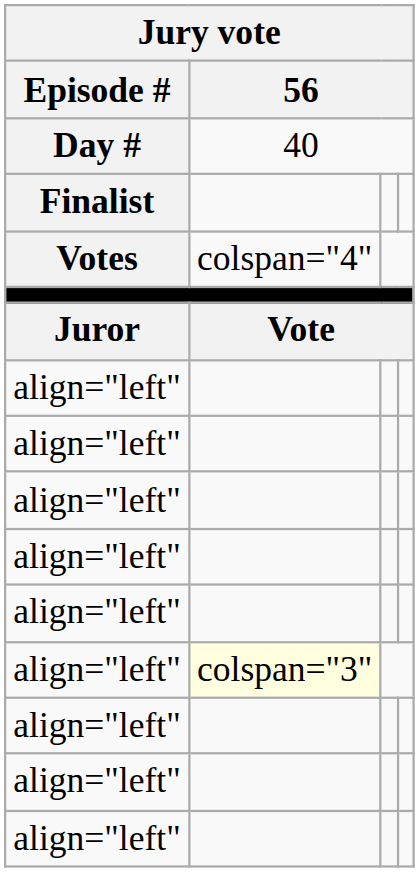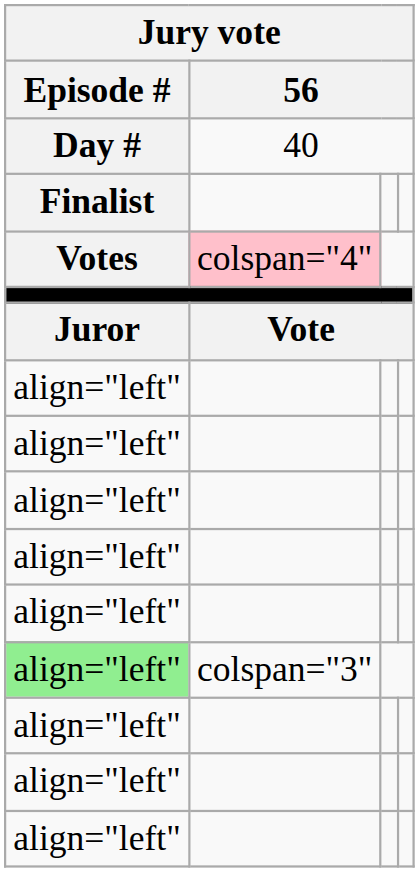 <table class="wikitable nowrap" style="text-align:center; font-size:100%">
 <tr>
 <th colspan="5">Jury vote</th>
 </tr>
 <tr>
 <th>Episode #</th>
 <th colspan="3">56</th>
 </tr>
 <tr>
 <th>Day #</th>
 <td colspan="3">40</td>
 </tr>
 <tr>
 <th>Finalist</th>
 <td></td>
 <td></td>
 <td></td>
 </tr>
 <tr>
 <th>Votes</th>
-<td>colspan="4" </td>
+<td style="background: pink;">colspan="4" </td>
 </tr>
 <tr>
 <th colspan="5" style="background:black;"></th>
 </tr>
 <tr>
 <th>Juror</th>
 <th colspan="4">Vote</th>
 </tr>
 <tr>
 <td>align="left" </td>
 <td></td>
 <td></td>
 <td></td>
 </tr>
 <tr>
 <td>align="left" </td>
 <td></td>
 <td></td>
 <td></td>
 </tr>
 <tr>
 <td>align="left" </td>
 <td></td>
 <td></td>
 <td></td>
 </tr>
 <tr>
 <td>align="left" </td>
 <td></td>
 <td></td>
 <td></td>
 </tr>
 <tr>
 <td>align="left" </td>
 <td></td>
 <td></td>
 <td></td>
 </tr>
 <tr>
-<td>align="left" </td>
-<td style="background: lightyellow;">colspan="3" </td>
+<td style="background: lightgreen;">align="left" </td>
+<td>colspan="3" </td>
 </tr>
 <tr>
 <td>align="left" </td>
 <td></td>
 <td></td>
 <td></td>
 </tr>
 <tr>
 <td>align="left" </td>
 <td></td>
 <td></td>
 <td></td>
 </tr>
 <tr>
 <td>align="left" </td>
 <td></td>
 <td></td>
 <td></td>
 </tr>
 </table>
